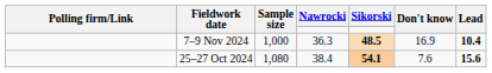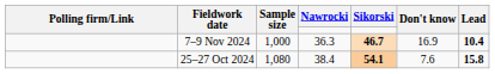 <table class="wikitable" style="text-align:center; font-size:85%; line-height:14px;">
 <tr>
 <th rowspan="2" style="width:200px;">Polling firm/Link</th>
 <th rowspan="2" data-sort-type="date">Fieldwork<br>date</th>
 <th rowspan="2" style="width:20px;">Sample<br>size</th>
 <th><a href='#'>Nawrocki</a><br></th>
 <th><a href='#'>Sikorski</a><br></th>
 <th rowspan="2">Don't know</th>
 <th rowspan="2">Lead</th>
 </tr>
 <tr>
 <td style="background:"></td>
 <td style="background:"></td>
 </tr>
 <tr>
 <td></td>
 <td data-sort-value="2024-11-09">7–9 Nov 2024</td>
 <td>1,000</td>
 <td>36.3</td>
-<td style="background:#FDDCB8;"><strong>48.5</strong></td>
+<td style="background:#FDDCB8;"><strong>46.7</strong></td>
 <td>16.9</td>
 <td style="background:"><strong>10.4</strong></td>
 </tr>
 <tr>
 <td></td>
 <td data-sort-value="2024-10-27">25–27 Oct 2024</td>
 <td>1,080</td>
 <td>38.4</td>
 <td style="background:#fbcc99;"><strong>54.1</strong></td>
 <td>7.6</td>
-<td style="background:"><strong>15.6</strong></td>
+<td style="background:"><strong>15.8</strong></td>
 </tr>
 </table>
